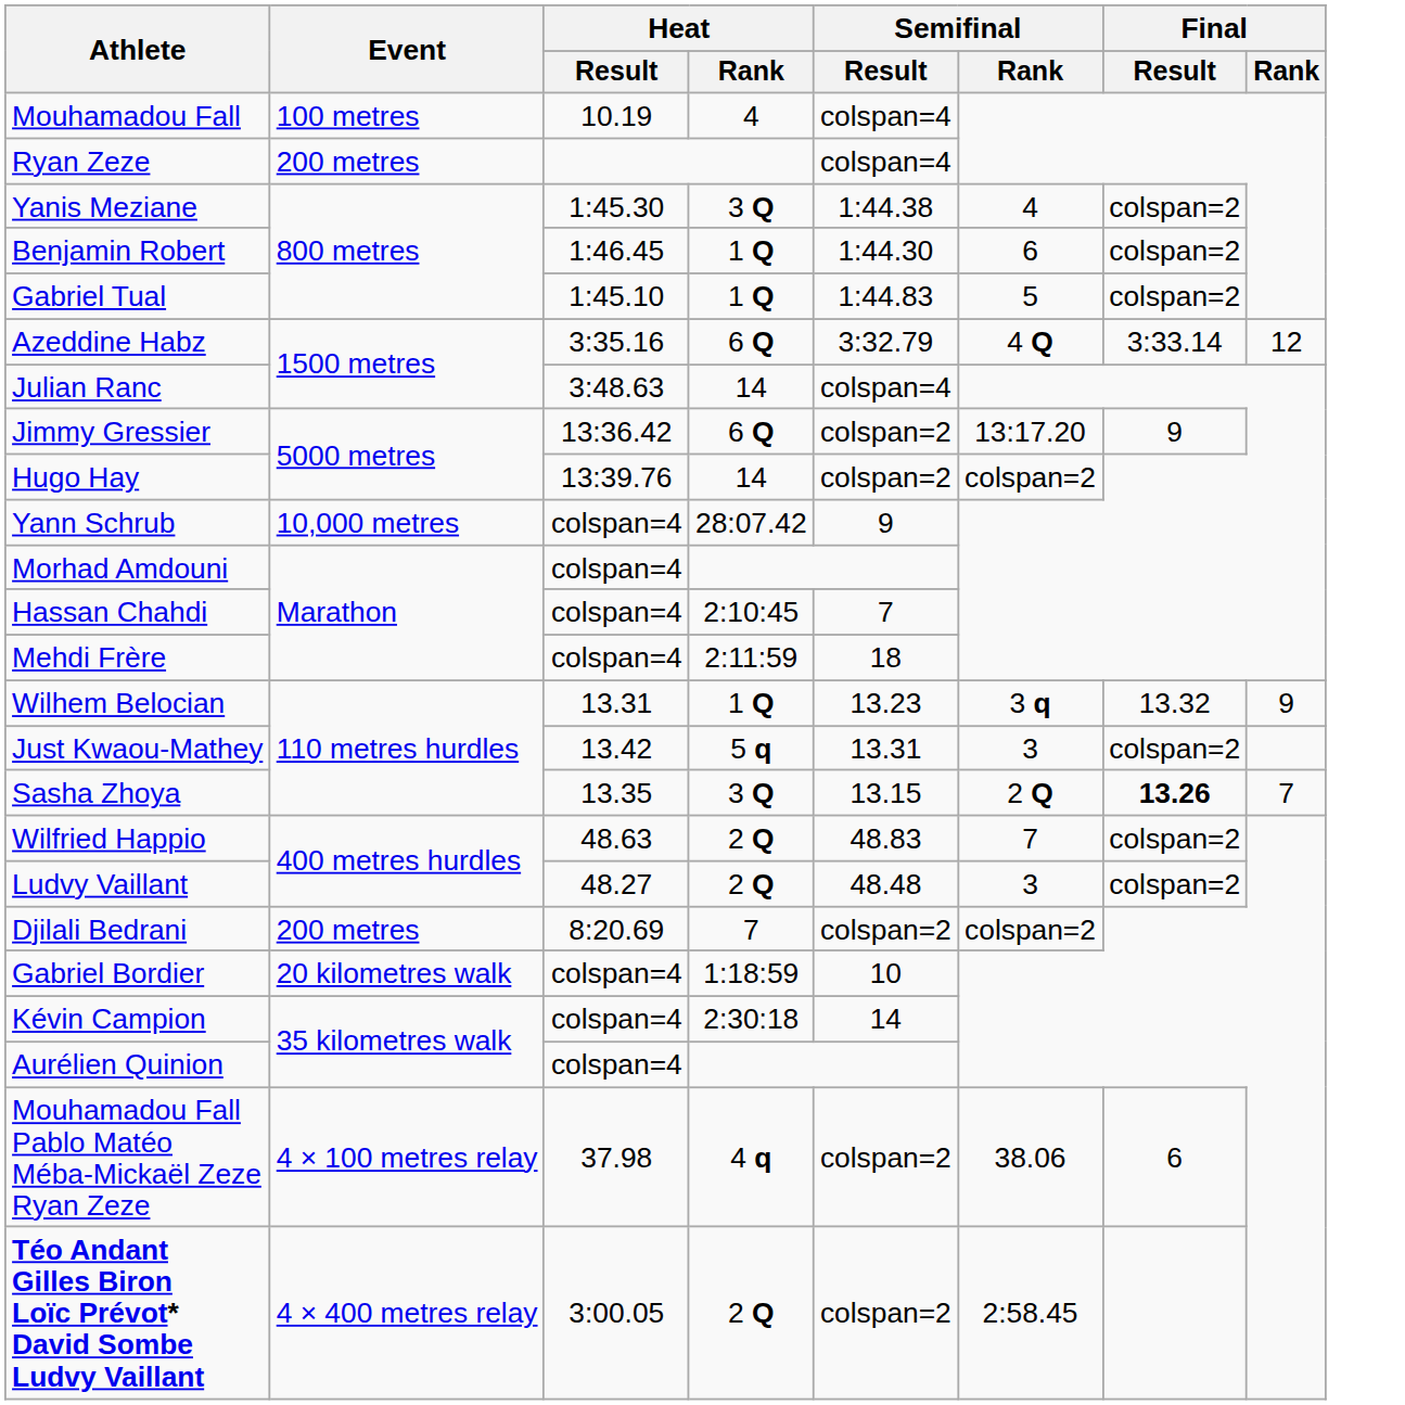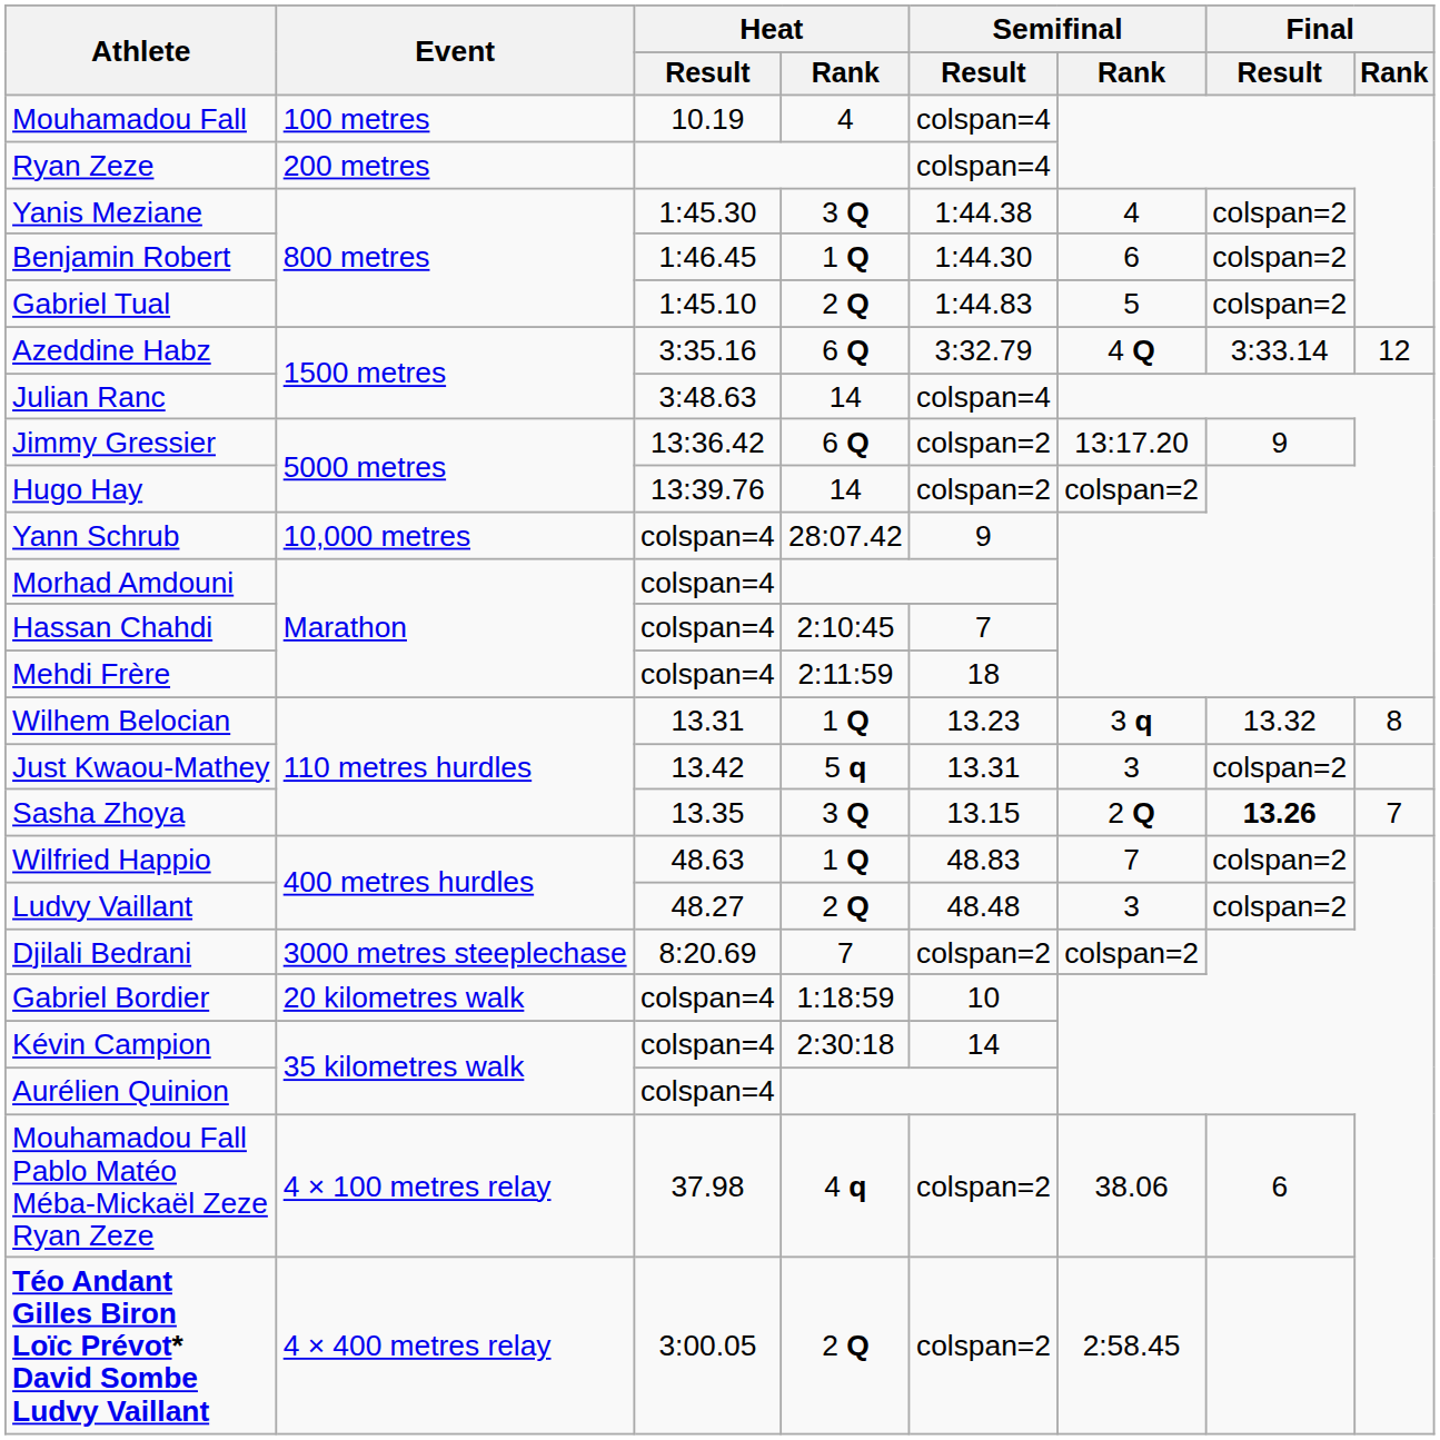 <table class="wikitable" style="font-size:90%">
 <tr>
 <th rowspan="2">Athlete</th>
 <th rowspan="2">Event</th>
 <th colspan="2">Heat</th>
 <th colspan="2">Semifinal</th>
 <th colspan="2">Final</th>
 </tr>
 <tr style="font-size:95%">
 <th>Result</th>
 <th>Rank</th>
 <th>Result</th>
 <th>Rank</th>
 <th>Result</th>
 <th>Rank</th>
 </tr>
 <tr align=center>
 <td align=left><a href='#'>Mouhamadou Fall</a></td>
 <td align=left><a href='#'>100 metres</a></td>
 <td>10.19</td>
 <td>4</td>
 <td>colspan=4 </td>
 </tr>
 <tr align=center>
 <td align=left><a href='#'>Ryan Zeze</a></td>
 <td align=left><a href='#'>200 metres</a></td>
 <td colspan=2></td>
 <td>colspan=4 </td>
 </tr>
 <tr align=center>
 <td align=left><a href='#'>Yanis Meziane</a></td>
 <td align=left rowspan=3><a href='#'>800 metres</a></td>
 <td>1:45.30</td>
 <td>3 <strong>Q</strong></td>
 <td>1:44.38</td>
 <td>4</td>
 <td>colspan=2 </td>
 </tr>
 <tr align=center>
 <td align=left><a href='#'>Benjamin Robert</a></td>
 <td>1:46.45</td>
 <td>1 <strong>Q</strong></td>
 <td>1:44.30 </td>
 <td>6</td>
 <td>colspan=2 </td>
 </tr>
 <tr align=center>
 <td align=left><a href='#'>Gabriel Tual</a></td>
 <td>1:45.10</td>
-<td>1 <strong>Q</strong></td>
+<td>2 <strong>Q</strong></td>
 <td>1:44.83</td>
 <td>5</td>
 <td>colspan=2 </td>
 </tr>
 <tr align=center>
 <td align=left><a href='#'>Azeddine Habz</a></td>
 <td align=left rowspan=2><a href='#'>1500 metres</a></td>
 <td>3:35.16</td>
 <td>6 <strong>Q</strong></td>
 <td>3:32.79</td>
 <td>4 <strong>Q</strong></td>
 <td>3:33.14</td>
 <td>12</td>
 </tr>
 <tr align=center>
 <td align=left><a href='#'>Julian Ranc</a></td>
 <td>3:48.63</td>
 <td>14</td>
 <td>colspan=4 </td>
 </tr>
 <tr align=center>
 <td align=left><a href='#'>Jimmy Gressier</a></td>
 <td align=left rowspan=2><a href='#'>5000 metres</a></td>
 <td>13:36.42</td>
 <td>6 <strong>Q</strong></td>
 <td>colspan=2</td>
 <td>13:17.20</td>
 <td>9</td>
 </tr>
 <tr align=center>
 <td align=left><a href='#'>Hugo Hay</a></td>
 <td>13:39.76</td>
 <td>14</td>
 <td>colspan=2</td>
 <td>colspan=2</td>
 </tr>
 <tr align=center>
 <td align=left><a href='#'>Yann Schrub</a></td>
 <td align=left><a href='#'>10,000 metres</a></td>
 <td>colspan=4</td>
 <td>28:07.42 </td>
 <td>9</td>
 </tr>
 <tr align=center>
 <td align=left><a href='#'>Morhad Amdouni</a></td>
 <td align=left rowspan=3><a href='#'>Marathon</a></td>
 <td>colspan=4</td>
 <td colspan=2></td>
 </tr>
 <tr align=center>
 <td align=left><a href='#'>Hassan Chahdi</a></td>
 <td>colspan=4</td>
 <td>2:10:45 </td>
 <td>7</td>
 </tr>
 <tr align=center>
 <td align=left><a href='#'>Mehdi Frère</a></td>
 <td>colspan=4</td>
 <td>2:11:59</td>
 <td>18</td>
 </tr>
 <tr align=center>
 <td align=left><a href='#'>Wilhem Belocian</a></td>
 <td align=left rowspan=3><a href='#'>110 metres hurdles</a></td>
 <td>13.31</td>
 <td>1 <strong>Q</strong></td>
 <td>13.23</td>
 <td>3 <strong>q</strong></td>
 <td>13.32</td>
-<td>9</td>
+<td>8</td>
 </tr>
 <tr align=center>
 <td align=left><a href='#'>Just Kwaou-Mathey</a></td>
 <td>13.42</td>
 <td>5 <strong>q</strong></td>
 <td>13.31</td>
 <td>3</td>
 <td>colspan=2 </td>
 </tr>
 <tr align=center>
 <td align=left><a href='#'>Sasha Zhoya</a></td>
 <td>13.35</td>
 <td>3 <strong>Q</strong></td>
 <td>13.15 </td>
 <td>2 <strong>Q</strong></td>
 <td><strong>13.26</strong></td>
 <td>7</td>
 </tr>
 <tr align=center>
 <td align=left><a href='#'>Wilfried Happio</a></td>
 <td align=left rowspan=2><a href='#'>400 metres hurdles</a></td>
 <td>48.63</td>
-<td>2 <strong>Q</strong></td>
+<td>1 <strong>Q</strong></td>
 <td>48.83</td>
 <td>7</td>
 <td>colspan=2 </td>
 </tr>
 <tr align=center>
 <td align=left><a href='#'>Ludvy Vaillant</a></td>
 <td>48.27</td>
 <td>2 <strong>Q</strong></td>
 <td>48.48</td>
 <td>3</td>
 <td>colspan=2 </td>
 </tr>
 <tr align=center>
 <td align=left><a href='#'>Djilali Bedrani</a></td>
-<td align=left><a href='#'>200 metres</a></td>
+<td align=left><a href='#'>3000 metres steeplechase</a></td>
 <td>8:20.69</td>
 <td>7</td>
 <td>colspan=2</td>
 <td>colspan=2 </td>
 </tr>
 <tr align=center>
 <td align=left><a href='#'>Gabriel Bordier</a></td>
 <td align=left><a href='#'>20 kilometres walk</a></td>
 <td>colspan=4</td>
 <td>1:18:59 </td>
 <td>10</td>
 </tr>
 <tr align=center>
 <td align=left><a href='#'>Kévin Campion</a></td>
 <td align=left rowspan=2><a href='#'>35 kilometres walk</a></td>
 <td>colspan=4</td>
 <td>2:30:18 </td>
 <td>14</td>
 </tr>
 <tr align=center>
 <td align=left><a href='#'>Aurélien Quinion</a></td>
 <td>colspan=4</td>
 <td colspan=2></td>
 </tr>
 <tr align=center>
 <td align=left><a href='#'>Mouhamadou Fall</a><br><a href='#'>Pablo Matéo</a><br><a href='#'>Méba-Mickaël Zeze</a><br><a href='#'>Ryan Zeze</a></td>
 <td align=left><a href='#'>4 × 100 metres relay</a></td>
 <td>37.98 </td>
 <td>4 <strong>q</strong></td>
 <td>colspan=2</td>
 <td>38.06</td>
 <td>6</td>
 </tr>
 <tr align=center>
 <td align=left><strong><a href='#'>Téo Andant</a><br><a href='#'>Gilles Biron</a><br><a href='#'>Loïc Prévot</a>*<br><a href='#'>David Sombe</a><br><a href='#'>Ludvy Vaillant</a></strong></td>
 <td align=left><a href='#'>4 × 400 metres relay</a></td>
 <td>3:00.05 </td>
 <td>2 <strong>Q</strong></td>
 <td>colspan=2</td>
 <td>2:58.45 </td>
 <td></td>
 </tr>
 </table>
